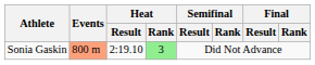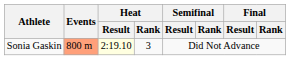 <table class=wikitable style="font-size:90%">
 <tr>
 <th rowspan="2">Athlete</th>
 <th rowspan="2">Events</th>
 <th colspan="2">Heat</th>
 <th colspan="2">Semifinal</th>
 <th colspan="2">Final</th>
 </tr>
 <tr>
 <th>Result</th>
 <th>Rank</th>
 <th>Result</th>
 <th>Rank</th>
 <th>Result</th>
 <th>Rank</th>
 </tr>
 <tr>
 <td>Sonia Gaskin</td>
 <td style="background: lightsalmon;">800 m</td>
-<td align=center>2:19.10</td>
-<td align=center style="background: lightgreen;">3</td>
+<td align=center style="background: lightyellow;">2:19.10</td>
+<td align=center>3</td>
 <td align=center colspan=4>Did Not Advance</td>
 </tr>
 </table>
